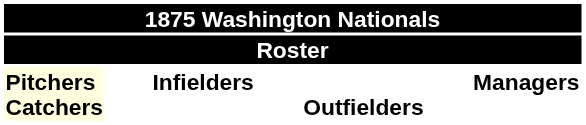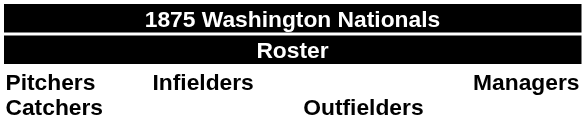 <table class="toccolours" style="font-size: 95%;">
 <tr>
 <th colspan="10" style="background-color: black; color:white; text-align: center;">1875 Washington Nationals</th>
 </tr>
 <tr>
 <td colspan="10" style="background-color:black; color: white; text-align: center;"><strong>Roster</strong></td>
 </tr>
 <tr>
-<td valign="top" style="background: lightyellow;"><strong>Pitchers</strong><br>  <strong>Catchers</strong>    </td>
+<td valign="top"><strong>Pitchers</strong><br>  <strong>Catchers</strong>    </td>
 <td width="25px"></td>
 <td valign="top"><strong>Infielders</strong><br>      </td>
 <td width="25px"></td>
 <td valign="top"><br><strong>Outfielders</strong>      </td>
 <td width="25px"></td>
 <td valign="top"><strong>Managers</strong><br> </td>
 </tr>
 </table>
